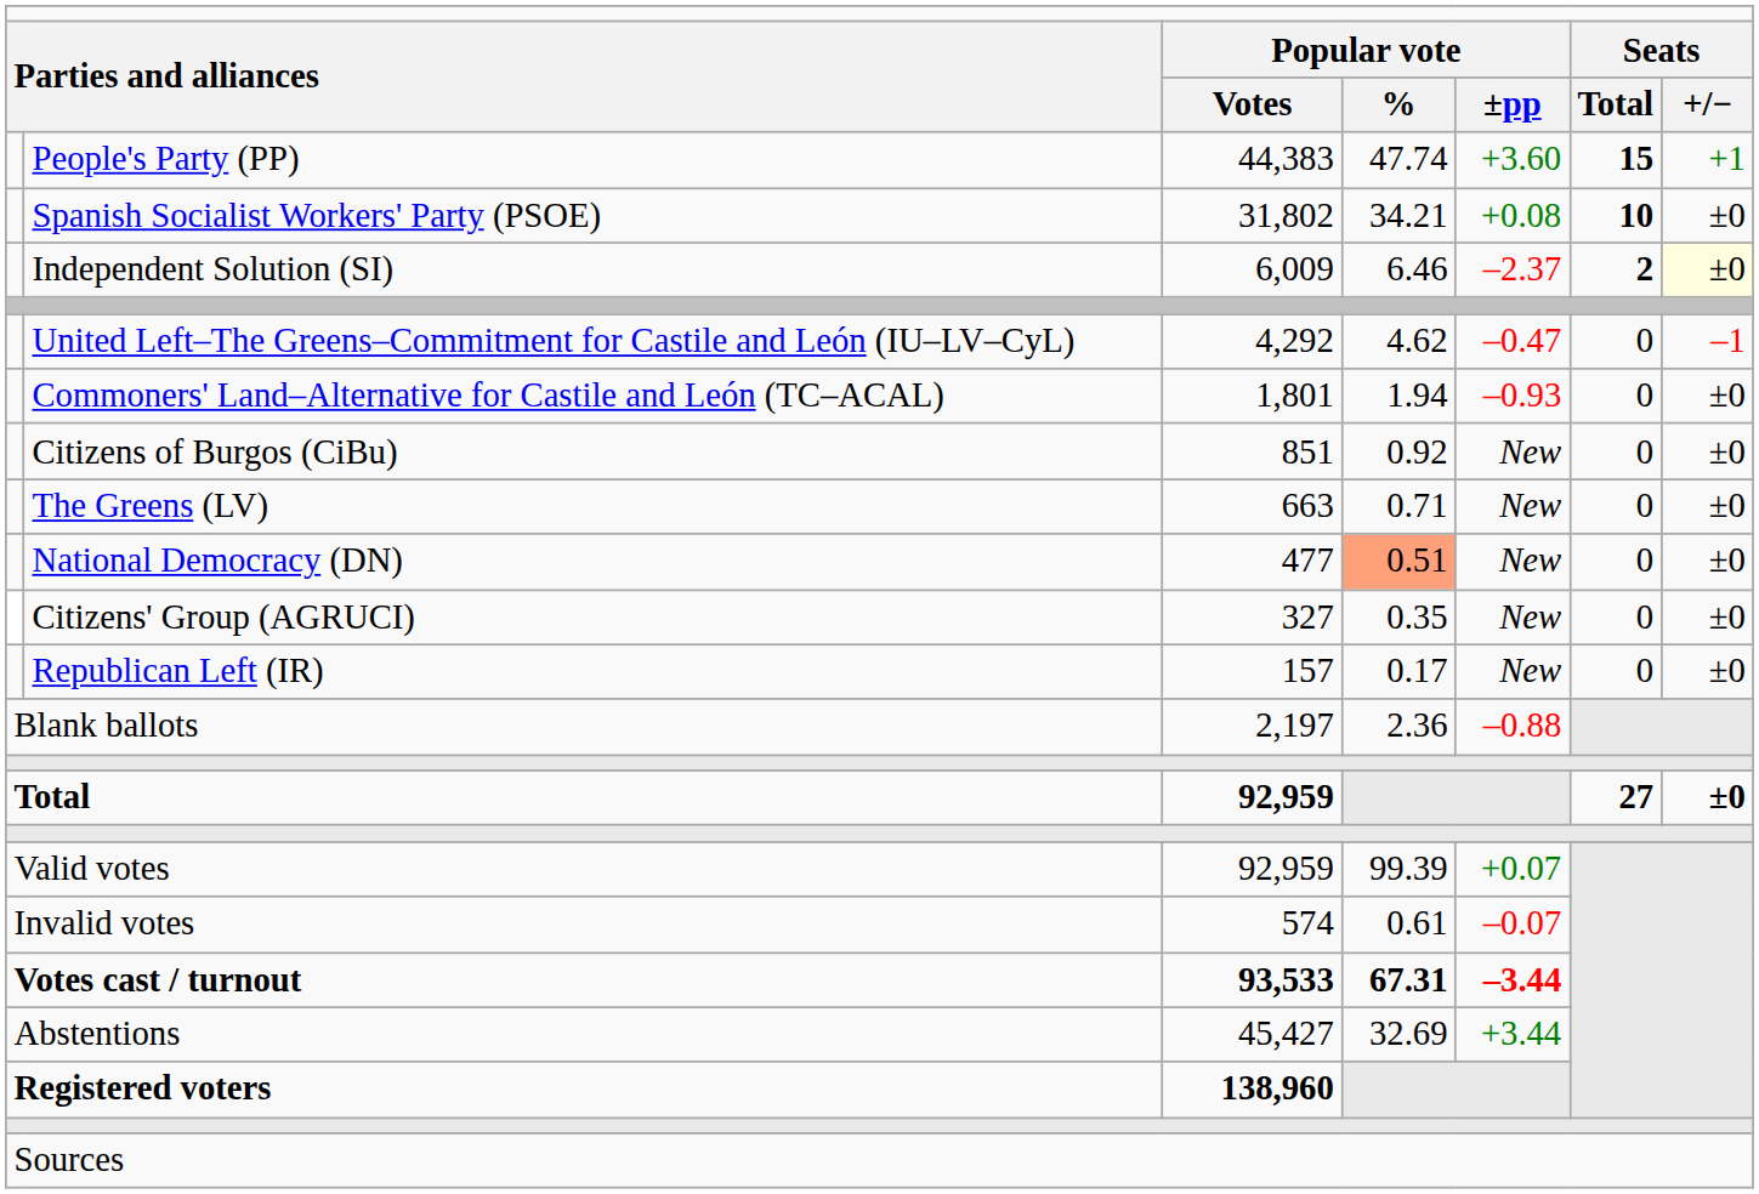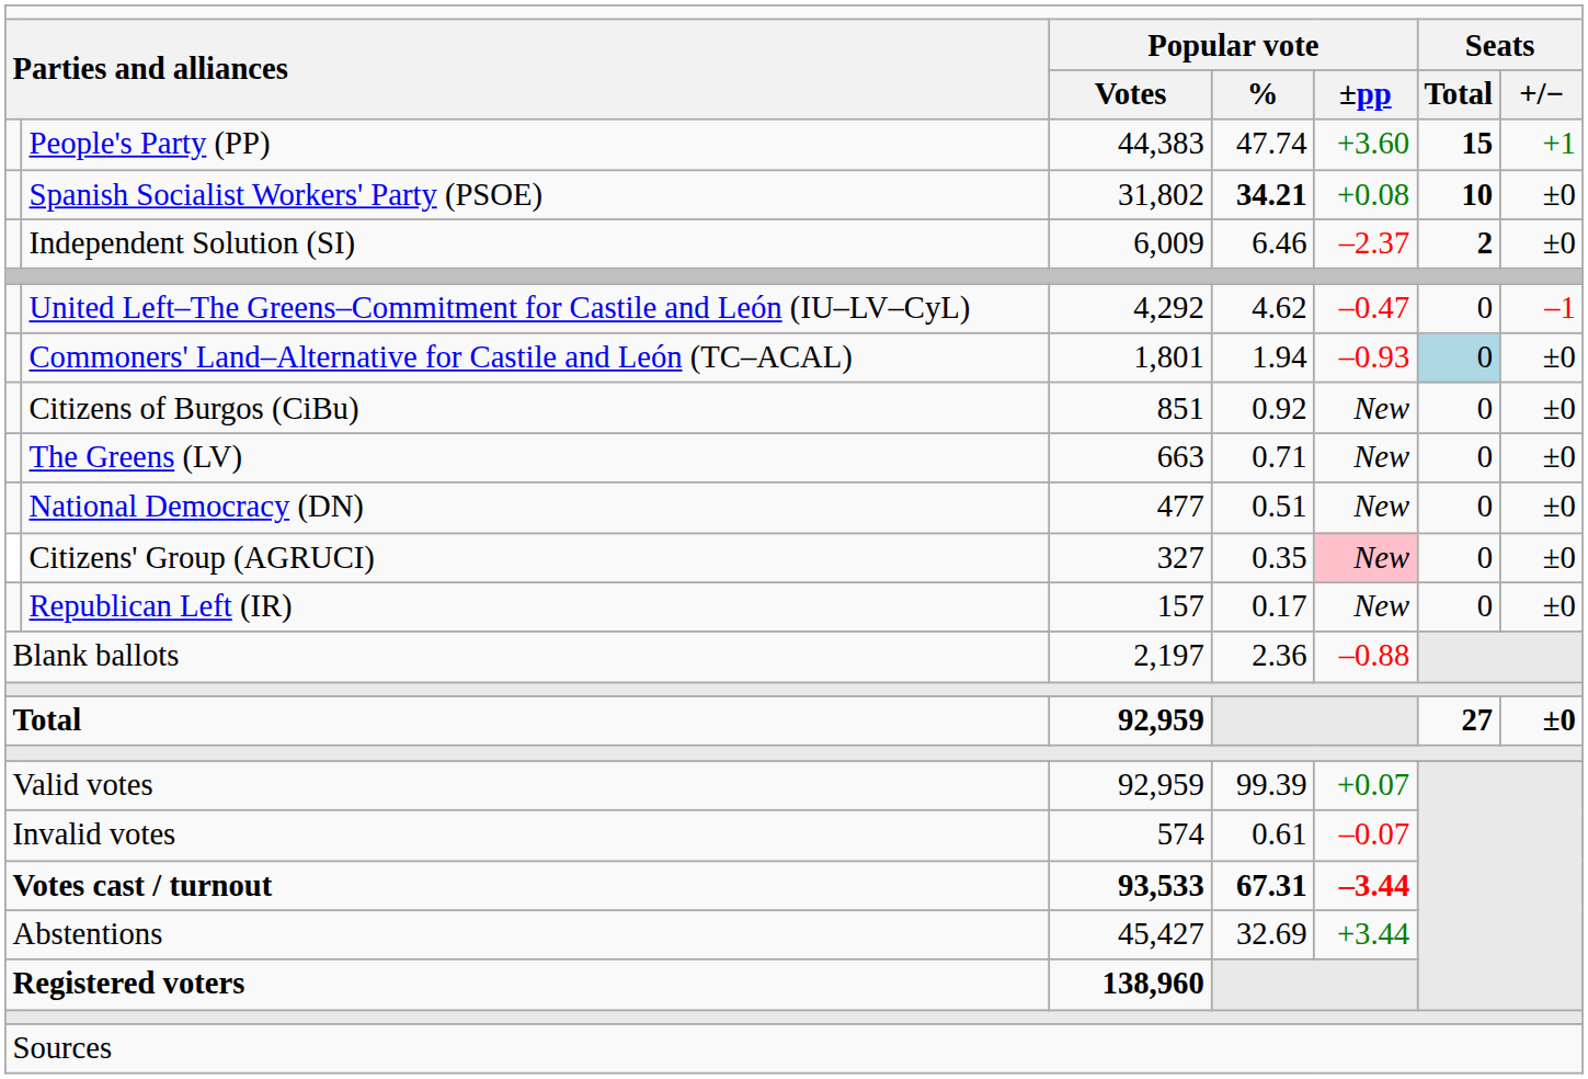 <table class="wikitable" style="text-align:right;">
 <tr>
 <td colspan="7"></td>
 </tr>
 <tr>
 <th style="text-align:left;" rowspan="2" colspan="2" width="525">Parties and alliances</th>
 <th colspan="3">Popular vote</th>
 <th colspan="2">Seats</th>
 </tr>
 <tr>
 <th width="75">Votes</th>
 <th width="45">%</th>
 <th width="45">±<a href='#'>pp</a></th>
 <th width="35">Total</th>
 <th width="35">+/−</th>
 </tr>
 <tr>
 <td width="1" style="color:inherit;background:"></td>
 <td align="left"><a href='#'>People's Party</a> (PP)</td>
 <td>44,383</td>
 <td>47.74</td>
 <td style="color:green;">+3.60</td>
 <td><strong>15</strong></td>
 <td style="color:green;">+1</td>
 </tr>
 <tr>
 <td style="color:inherit;background:"></td>
 <td align="left"><a href='#'>Spanish Socialist Workers' Party</a> (PSOE)</td>
 <td>31,802</td>
-<td>34.21</td>
+<td><strong>34.21</strong></td>
 <td style="color:green;">+0.08</td>
 <td><strong>10</strong></td>
 <td>±0</td>
 </tr>
 <tr>
 <td style="color:inherit;background:"></td>
 <td align="left">Independent Solution (SI)</td>
 <td>6,009</td>
 <td>6.46</td>
 <td style="color:red;">–2.37</td>
 <td><strong>2</strong></td>
-<td style="background: lightyellow;">±0</td>
+<td>±0</td>
 </tr>
 <tr>
 <td colspan="7" bgcolor="#C0C0C0"></td>
 </tr>
 <tr>
 <td style="color:inherit;background:"></td>
 <td align="left"><a href='#'>United Left–The Greens–Commitment for Castile and León</a> (IU–LV–CyL)</td>
 <td>4,292</td>
 <td>4.62</td>
 <td style="color:red;">–0.47</td>
 <td>0</td>
 <td style="color:red;">–1</td>
 </tr>
 <tr>
 <td style="color:inherit;background:"></td>
 <td align="left"><a href='#'>Commoners' Land–Alternative for Castile and León</a> (TC–ACAL)</td>
 <td>1,801</td>
 <td>1.94</td>
 <td style="color:red;">–0.93</td>
-<td>0</td>
+<td style="background: lightblue;">0</td>
 <td>±0</td>
 </tr>
 <tr>
 <td style="color:inherit;background:"></td>
 <td align="left">Citizens of Burgos (CiBu)</td>
 <td>851</td>
 <td>0.92</td>
 <td><em>New</em></td>
 <td>0</td>
 <td>±0</td>
 </tr>
 <tr>
 <td style="color:inherit;background:"></td>
 <td align="left"><a href='#'>The Greens</a> (LV)</td>
 <td>663</td>
 <td>0.71</td>
 <td><em>New</em></td>
 <td>0</td>
 <td>±0</td>
 </tr>
 <tr>
 <td style="color:inherit;background:"></td>
 <td align="left"><a href='#'>National Democracy</a> (DN)</td>
 <td>477</td>
-<td style="background: lightsalmon;">0.51</td>
+<td>0.51</td>
 <td><em>New</em></td>
 <td>0</td>
 <td>±0</td>
 </tr>
 <tr>
 <td bgcolor="white"></td>
 <td align="left">Citizens' Group (AGRUCI)</td>
 <td>327</td>
 <td>0.35</td>
-<td><em>New</em></td>
+<td style="background: pink;"><em>New</em></td>
 <td>0</td>
 <td>±0</td>
 </tr>
 <tr>
 <td style="color:inherit;background:"></td>
 <td align="left"><a href='#'>Republican Left</a> (IR)</td>
 <td>157</td>
 <td>0.17</td>
 <td><em>New</em></td>
 <td>0</td>
 <td>±0</td>
 </tr>
 <tr>
 <td align="left" colspan="2">Blank ballots</td>
 <td>2,197</td>
 <td>2.36</td>
 <td style="color:red;">–0.88</td>
 <td bgcolor="#E9E9E9" colspan="2"></td>
 </tr>
 <tr>
 <td colspan="7" bgcolor="#E9E9E9"></td>
 </tr>
 <tr style="font-weight:bold;">
 <td align="left" colspan="2">Total</td>
 <td>92,959</td>
 <td bgcolor="#E9E9E9" colspan="2"></td>
 <td>27</td>
 <td>±0</td>
 </tr>
 <tr>
 <td colspan="7" bgcolor="#E9E9E9"></td>
 </tr>
 <tr>
 <td align="left" colspan="2">Valid votes</td>
 <td>92,959</td>
 <td>99.39</td>
 <td style="color:green;">+0.07</td>
 <td bgcolor="#E9E9E9" colspan="2" rowspan="5"></td>
 </tr>
 <tr>
 <td align="left" colspan="2">Invalid votes</td>
 <td>574</td>
 <td>0.61</td>
 <td style="color:red;">–0.07</td>
 </tr>
 <tr style="font-weight:bold;">
 <td align="left" colspan="2">Votes cast / turnout</td>
 <td>93,533</td>
 <td>67.31</td>
 <td style="color:red;">–3.44</td>
 </tr>
 <tr>
 <td align="left" colspan="2">Abstentions</td>
 <td>45,427</td>
 <td>32.69</td>
 <td style="color:green;">+3.44</td>
 </tr>
 <tr style="font-weight:bold;">
 <td align="left" colspan="2">Registered voters</td>
 <td>138,960</td>
 <td bgcolor="#E9E9E9" colspan="2"></td>
 </tr>
 <tr>
 <td colspan="7" bgcolor="#E9E9E9"></td>
 </tr>
 <tr>
 <td align="left" colspan="7">Sources</td>
 </tr>
 </table>
